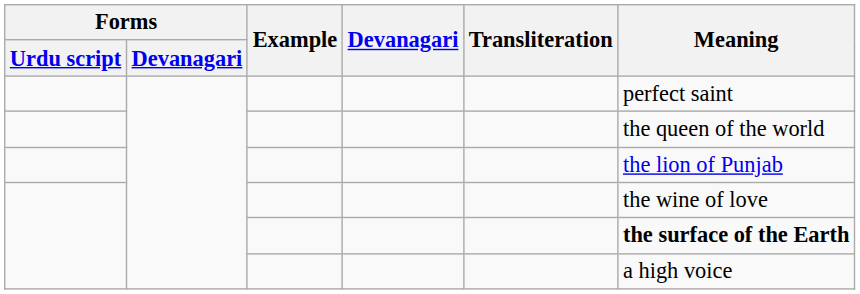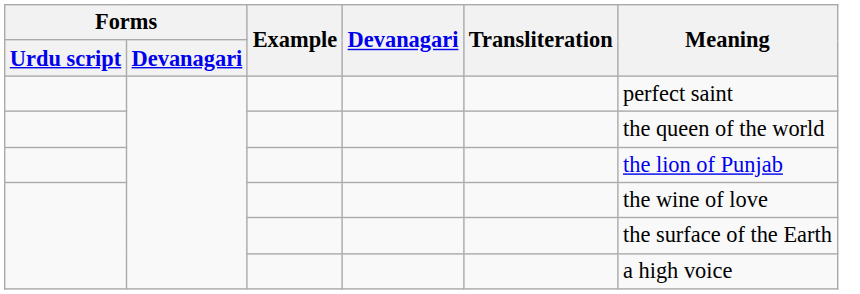 <table class="wikitable">
 <tr>
 <th colspan="2">Forms</th>
 <th rowspan="2">Example</th>
 <th rowspan="2"><a href='#'>Devanagari</a></th>
 <th rowspan="2">Transliteration</th>
 <th rowspan="2">Meaning</th>
 </tr>
 <tr>
 <th><a href='#'>Urdu script</a></th>
 <th><a href='#'>Devanagari</a></th>
 </tr>
 <tr>
 <td></td>
 <td rowspan="6" style="font-size: 150%"></td>
 <td style="font-size: 150%"></td>
 <td></td>
 <td></td>
 <td>perfect saint</td>
 </tr>
 <tr>
 <td></td>
 <td style="font-size: 150%"></td>
 <td></td>
 <td></td>
 <td>the queen of the world</td>
 </tr>
 <tr>
 <td></td>
 <td style="font-size: 150%"></td>
 <td></td>
 <td></td>
 <td><a href='#'>the lion of Punjab</a></td>
 </tr>
 <tr>
 <td rowspan="3"></td>
 <td style="font-size: 150%"></td>
 <td></td>
 <td></td>
 <td>the wine of love</td>
 </tr>
 <tr>
 <td style="font-size: 150%"></td>
 <td></td>
 <td></td>
-<td><strong>the surface of the Earth</strong></td>
+<td>the surface of the Earth</td>
 </tr>
 <tr>
 <td style="font-size: 150%"></td>
 <td></td>
 <td></td>
 <td>a high voice</td>
 </tr>
 </table>
